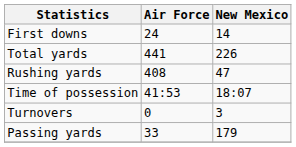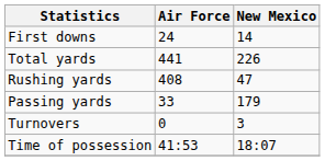 <table class="wikitable">
 <tr>
 <th>Statistics</th>
 <th>Air Force</th>
 <th>New Mexico</th>
 </tr>
 <tr>
 <td>First downs</td>
 <td>24</td>
 <td>14</td>
 </tr>
 <tr>
 <td>Total yards</td>
 <td>441</td>
 <td>226</td>
 </tr>
 <tr>
 <td>Rushing yards</td>
 <td>408</td>
 <td>47</td>
 </tr>
 <tr>
-<td>Time of possession</td>
-<td>41:53</td>
-<td>18:07</td>
+<td>Passing yards</td>
+<td>33</td>
+<td>179</td>
 </tr>
 <tr>
 <td>Turnovers</td>
 <td>0</td>
 <td>3</td>
 </tr>
 <tr>
-<td>Passing yards</td>
-<td>33</td>
-<td>179</td>
+<td>Time of possession</td>
+<td>41:53</td>
+<td>18:07</td>
 </tr>
 <tr>
 </tr>
 </table>
